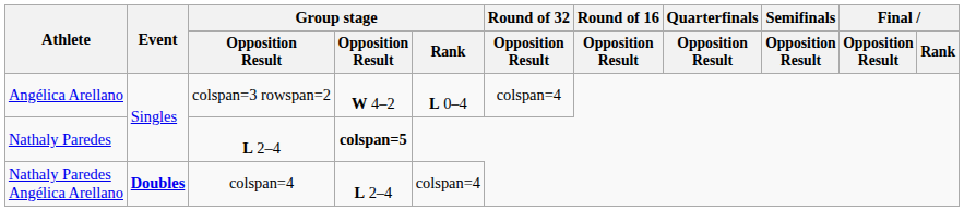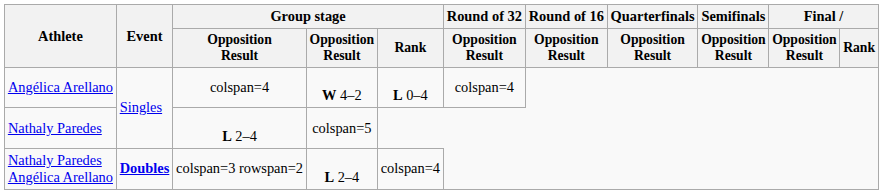 <table class=wikitable style=font-size:90%;text-align:center>
 <tr>
 <th rowspan=2>Athlete</th>
 <th rowspan=2>Event</th>
 <th colspan=3>Group stage</th>
 <th>Round of 32</th>
 <th>Round of 16</th>
 <th>Quarterfinals</th>
 <th>Semifinals</th>
 <th colspan=2>Final / </th>
 </tr>
 <tr style=font-size:95%>
 <th>Opposition<br>Result</th>
 <th>Opposition<br>Result</th>
 <th>Rank</th>
 <th>Opposition<br>Result</th>
 <th>Opposition<br>Result</th>
 <th>Opposition<br>Result</th>
 <th>Opposition<br>Result</th>
 <th>Opposition<br>Result</th>
 <th>Rank</th>
 </tr>
 <tr align=center>
 <td align=left><a href='#'>Angélica Arellano</a></td>
 <td align=left rowspan=2><a href='#'>Singles</a></td>
-<td>colspan=3 rowspan=2 </td>
+<td>colspan=4 </td>
 <td><br><strong>W</strong> 4–2</td>
 <td><br><strong>L</strong> 0–4</td>
 <td>colspan=4 </td>
 </tr>
 <tr align=center>
 <td align=left><a href='#'>Nathaly Paredes</a></td>
 <td><br><strong>L</strong> 2–4</td>
-<td><strong>colspan=5 </strong></td>
+<td>colspan=5 </td>
 </tr>
 <tr align=center>
 <td align=left><a href='#'>Nathaly Paredes</a><br><a href='#'>Angélica Arellano</a></td>
 <td align=left><strong><a href='#'>Doubles</a></strong></td>
-<td>colspan=4 </td>
+<td>colspan=3 rowspan=2 </td>
 <td><br><strong>L</strong> 2–4</td>
 <td>colspan=4 </td>
 </tr>
 </table>
